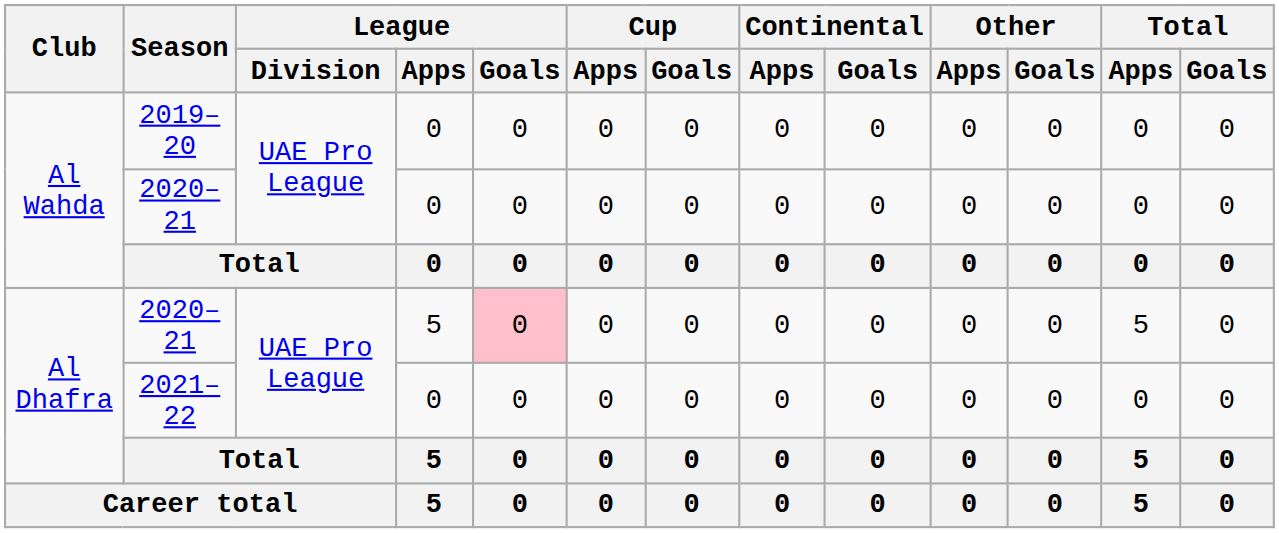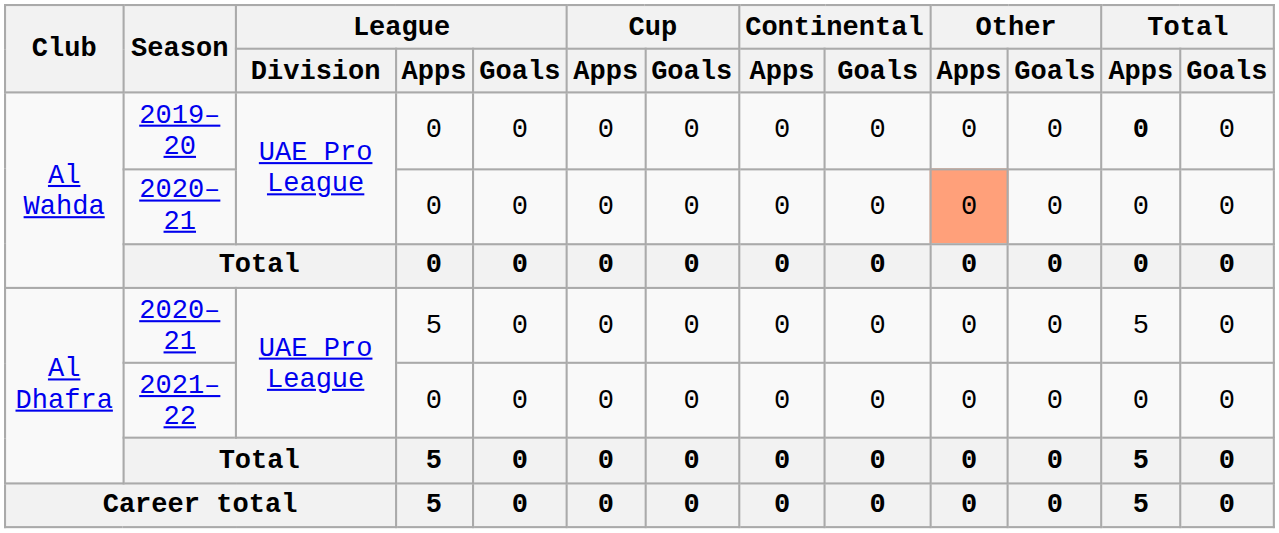 <table class="wikitable" style="text-align: center">
 <tr>
 <th rowspan="2">Club</th>
 <th rowspan="2">Season</th>
 <th colspan="3">League</th>
 <th colspan="2">Cup</th>
 <th colspan="2">Continental</th>
 <th colspan="2">Other</th>
 <th colspan="2">Total</th>
 </tr>
 <tr>
 <th>Division</th>
 <th>Apps</th>
 <th>Goals</th>
 <th>Apps</th>
 <th>Goals</th>
 <th>Apps</th>
 <th>Goals</th>
 <th>Apps</th>
 <th>Goals</th>
 <th>Apps</th>
 <th>Goals</th>
 </tr>
 <tr>
 <td rowspan="3"><a href='#'>Al Wahda</a></td>
 <td><a href='#'>2019–20</a></td>
 <td rowspan="2"><a href='#'>UAE Pro League</a></td>
 <td>0</td>
 <td>0</td>
 <td>0</td>
 <td>0</td>
 <td>0</td>
 <td>0</td>
 <td>0</td>
 <td>0</td>
-<td>0</td>
+<td><strong>0</strong></td>
 <td>0</td>
 </tr>
 <tr>
 <td><a href='#'>2020–21</a></td>
 <td>0</td>
 <td>0</td>
 <td>0</td>
 <td>0</td>
 <td>0</td>
 <td>0</td>
-<td>0</td>
+<td style="background: lightsalmon;">0</td>
 <td>0</td>
 <td>0</td>
 <td>0</td>
 </tr>
 <tr>
 <th colspan="2"><strong>Total</strong></th>
 <th>0</th>
 <th>0</th>
 <th>0</th>
 <th>0</th>
 <th>0</th>
 <th>0</th>
 <th>0</th>
 <th>0</th>
 <th>0</th>
 <th>0</th>
 </tr>
 <tr>
 <td rowspan="3"><a href='#'>Al Dhafra</a></td>
 <td><a href='#'>2020–21</a></td>
 <td rowspan="2"><a href='#'>UAE Pro League</a></td>
 <td>5</td>
-<td style="background: pink;">0</td>
+<td>0</td>
 <td>0</td>
 <td>0</td>
 <td>0</td>
 <td>0</td>
 <td>0</td>
 <td>0</td>
 <td>5</td>
 <td>0</td>
 </tr>
 <tr>
 <td><a href='#'>2021–22</a></td>
 <td>0</td>
 <td>0</td>
 <td>0</td>
 <td>0</td>
 <td>0</td>
 <td>0</td>
 <td>0</td>
 <td>0</td>
 <td>0</td>
 <td>0</td>
 </tr>
 <tr>
 <th colspan="2"><strong>Total</strong></th>
 <th>5</th>
 <th>0</th>
 <th>0</th>
 <th>0</th>
 <th>0</th>
 <th>0</th>
 <th>0</th>
 <th>0</th>
 <th>5</th>
 <th>0</th>
 </tr>
 <tr>
 <th colspan="3"><strong>Career total</strong></th>
 <th>5</th>
 <th>0</th>
 <th>0</th>
 <th>0</th>
 <th>0</th>
 <th>0</th>
 <th>0</th>
 <th>0</th>
 <th>5</th>
 <th>0</th>
 </tr>
 </table>
